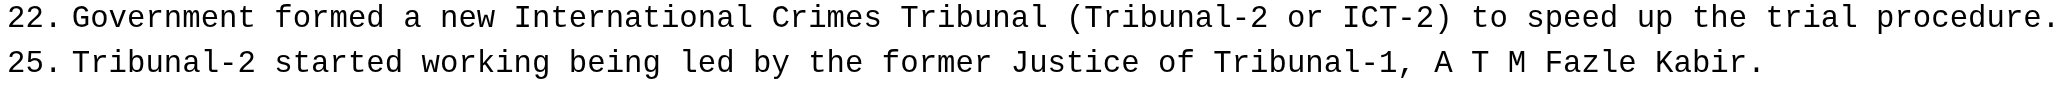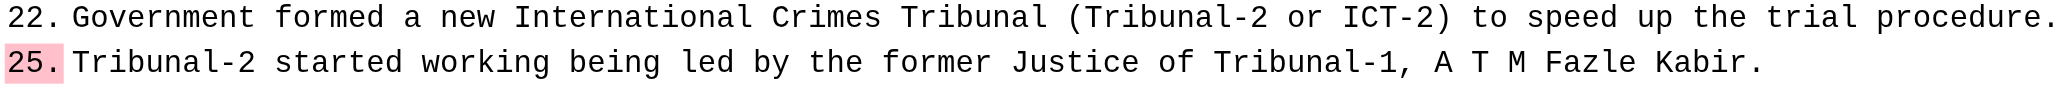 <table>
 <tr valign=top>
 <td>22.</td>
 <td>Government formed a new International Crimes Tribunal (Tribunal-2 or ICT-2) to speed up the trial procedure.</td>
 </tr>
 <tr valign=top>
-<td>25.</td>
+<td style="background: pink;">25.</td>
 <td>Tribunal-2 started working being led by the former Justice of Tribunal-1, A T M Fazle Kabir.</td>
 </tr>
 </table>
